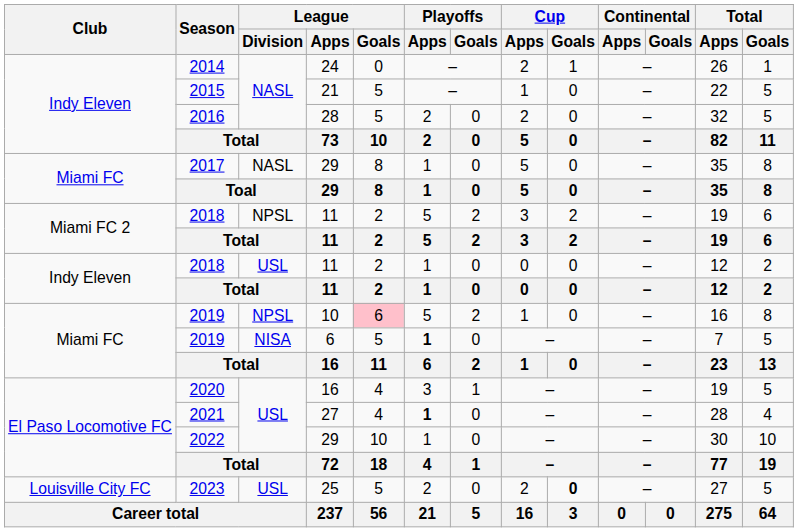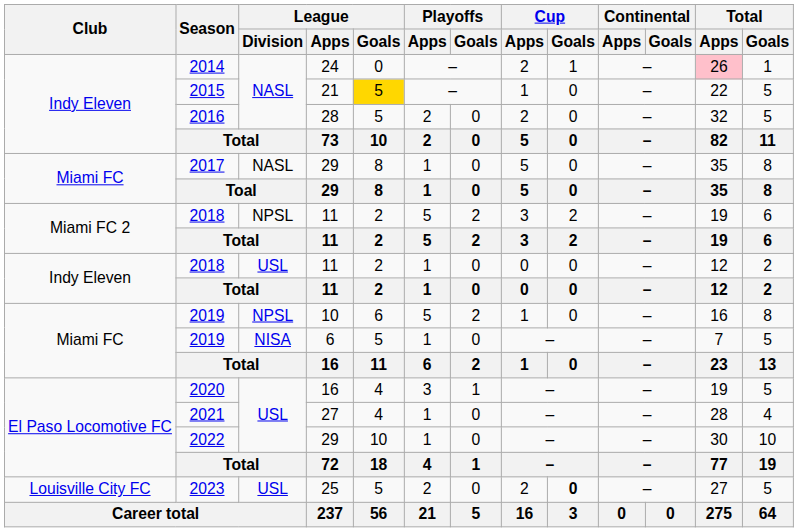 <table class="wikitable" style="text-align: center;">
 <tr>
 <th rowspan=2>Club</th>
 <th rowspan=2>Season</th>
 <th colspan=3>League</th>
 <th colspan=2>Playoffs</th>
 <th colspan=2><a href='#'>Cup</a></th>
 <th colspan=2>Continental</th>
 <th colspan=2>Total</th>
 </tr>
 <tr>
 <th>Division</th>
 <th>Apps</th>
 <th>Goals</th>
 <th>Apps</th>
 <th>Goals</th>
 <th>Apps</th>
 <th>Goals</th>
 <th>Apps</th>
 <th>Goals</th>
 <th>Apps</th>
 <th>Goals</th>
 </tr>
 <tr>
 <td rowspan="4"><a href='#'>Indy Eleven</a></td>
 <td><a href='#'>2014</a></td>
 <td rowspan=3><a href='#'>NASL</a></td>
 <td>24</td>
 <td>0</td>
 <td colspan=2>–</td>
 <td>2</td>
 <td>1</td>
 <td colspan=2>–</td>
-<td>26</td>
+<td style="background: pink;">26</td>
 <td>1</td>
 </tr>
 <tr>
 <td><a href='#'>2015</a></td>
 <td>21</td>
-<td>5</td>
+<td style="background: gold;">5</td>
 <td colspan=2>–</td>
 <td>1</td>
 <td>0</td>
 <td colspan=2>–</td>
 <td>22</td>
 <td>5</td>
 </tr>
 <tr>
 <td><a href='#'>2016</a></td>
 <td>28</td>
 <td>5</td>
 <td>2</td>
 <td>0</td>
 <td>2</td>
 <td>0</td>
 <td colspan=2>–</td>
 <td>32</td>
 <td>5</td>
 </tr>
 <tr>
 <th colspan="2">Total</th>
 <th>73</th>
 <th>10</th>
 <th>2</th>
 <th>0</th>
 <th>5</th>
 <th>0</th>
 <th colspan="2">–</th>
 <th>82</th>
 <th>11</th>
 </tr>
 <tr>
 <td rowspan="2"><a href='#'>Miami FC</a></td>
 <td><a href='#'>2017</a></td>
 <td>NASL</td>
 <td>29</td>
 <td>8</td>
 <td>1</td>
 <td>0</td>
 <td>5</td>
 <td>0</td>
 <td colspan="2">–</td>
 <td>35</td>
 <td>8</td>
 </tr>
 <tr>
 <th colspan="2">Toal</th>
 <th>29</th>
 <th>8</th>
 <th>1</th>
 <th>0</th>
 <th>5</th>
 <th>0</th>
 <th colspan="2">–</th>
 <th>35</th>
 <th>8</th>
 </tr>
 <tr>
 <td rowspan="2">Miami FC 2</td>
 <td><a href='#'>2018</a></td>
 <td>NPSL</td>
 <td>11</td>
 <td>2</td>
 <td>5</td>
 <td>2</td>
 <td>3</td>
 <td>2</td>
 <td colspan="2">–</td>
 <td>19</td>
 <td>6</td>
 </tr>
 <tr>
 <th colspan="2">Total</th>
 <th>11</th>
 <th>2</th>
 <th>5</th>
 <th>2</th>
 <th>3</th>
 <th>2</th>
 <th colspan="2">–</th>
 <th>19</th>
 <th>6</th>
 </tr>
 <tr>
 <td rowspan="2">Indy Eleven</td>
 <td><a href='#'>2018</a></td>
 <td><a href='#'>USL</a></td>
 <td>11</td>
 <td>2</td>
 <td>1</td>
 <td>0</td>
 <td>0</td>
 <td>0</td>
 <td colspan="2">–</td>
 <td>12</td>
 <td>2</td>
 </tr>
 <tr>
 <th colspan="2">Total</th>
 <th>11</th>
 <th>2</th>
 <th>1</th>
 <th>0</th>
 <th>0</th>
 <th>0</th>
 <th colspan="2">–</th>
 <th>12</th>
 <th>2</th>
 </tr>
 <tr>
 <td rowspan="3">Miami FC</td>
 <td><a href='#'>2019</a></td>
 <td><a href='#'>NPSL</a></td>
 <td>10</td>
-<td style="background: pink;">6</td>
+<td>6</td>
 <td>5</td>
 <td>2</td>
 <td>1</td>
 <td>0</td>
 <td colspan="2">–</td>
 <td>16</td>
 <td>8</td>
 </tr>
 <tr>
 <td><a href='#'>2019</a></td>
 <td><a href='#'>NISA</a></td>
 <td>6</td>
 <td>5</td>
-<td><strong>1</strong></td>
+<td>1</td>
 <td>0</td>
 <td colspan=2>–</td>
 <td colspan=2>–</td>
 <td>7</td>
 <td>5</td>
 </tr>
 <tr>
 <th colspan="2">Total</th>
 <th>16</th>
 <th>11</th>
 <th>6</th>
 <th>2</th>
 <th>1</th>
 <th>0</th>
 <th colspan="2">–</th>
 <th>23</th>
 <th>13</th>
 </tr>
 <tr>
 <td rowspan="4"><a href='#'>El Paso Locomotive FC</a></td>
 <td><a href='#'>2020</a></td>
 <td rowspan="3"><a href='#'>USL</a></td>
 <td>16</td>
 <td>4</td>
 <td>3</td>
 <td>1</td>
 <td colspan="2">–</td>
 <td colspan="2">–</td>
 <td>19</td>
 <td>5</td>
 </tr>
 <tr>
 <td><a href='#'>2021</a></td>
 <td>27</td>
 <td>4</td>
-<td><strong>1</strong></td>
+<td>1</td>
 <td>0</td>
 <td colspan="2">–</td>
 <td colspan="2">–</td>
 <td>28</td>
 <td>4</td>
 </tr>
 <tr>
 <td><a href='#'>2022</a></td>
 <td>29</td>
 <td>10</td>
 <td>1</td>
 <td>0</td>
 <td colspan="2">–</td>
 <td colspan="2">–</td>
 <td>30</td>
 <td>10</td>
 </tr>
 <tr>
 <th colspan="2">Total</th>
 <th>72</th>
 <th>18</th>
 <th>4</th>
 <th>1</th>
 <th colspan="2">–</th>
 <th colspan="2">–</th>
 <th>77</th>
 <th>19</th>
 </tr>
 <tr>
 <td><a href='#'>Louisville City FC</a></td>
 <td><a href='#'>2023</a></td>
 <td><a href='#'>USL</a></td>
 <td>25</td>
 <td>5</td>
 <td>2</td>
 <td>0</td>
 <td>2</td>
 <td><strong>0</strong></td>
 <td colspan="2">–</td>
 <td>27</td>
 <td>5</td>
 </tr>
 <tr>
 <th colspan="3">Career total</th>
 <th>237</th>
 <th>56</th>
 <th>21</th>
 <th>5</th>
 <th>16</th>
 <th>3</th>
 <th>0</th>
 <th>0</th>
 <th>275</th>
 <th>64</th>
 </tr>
 </table>
